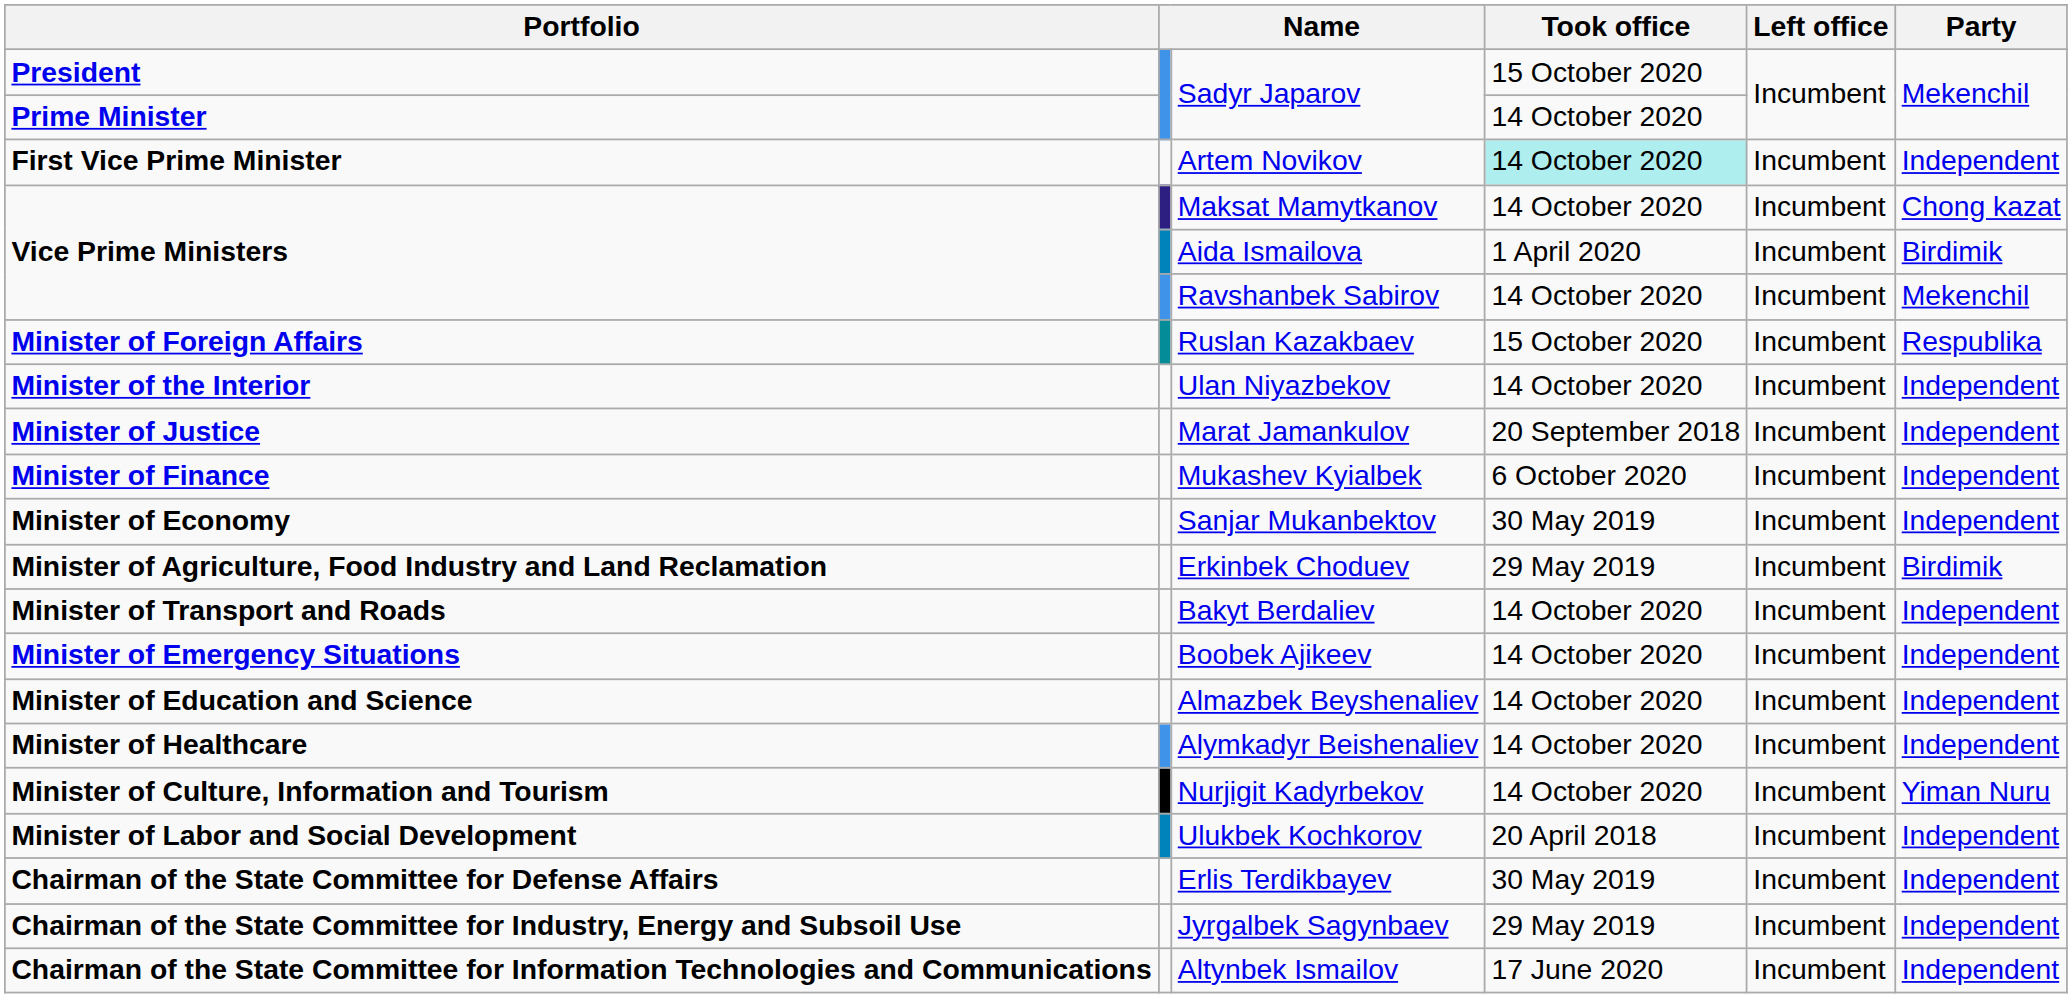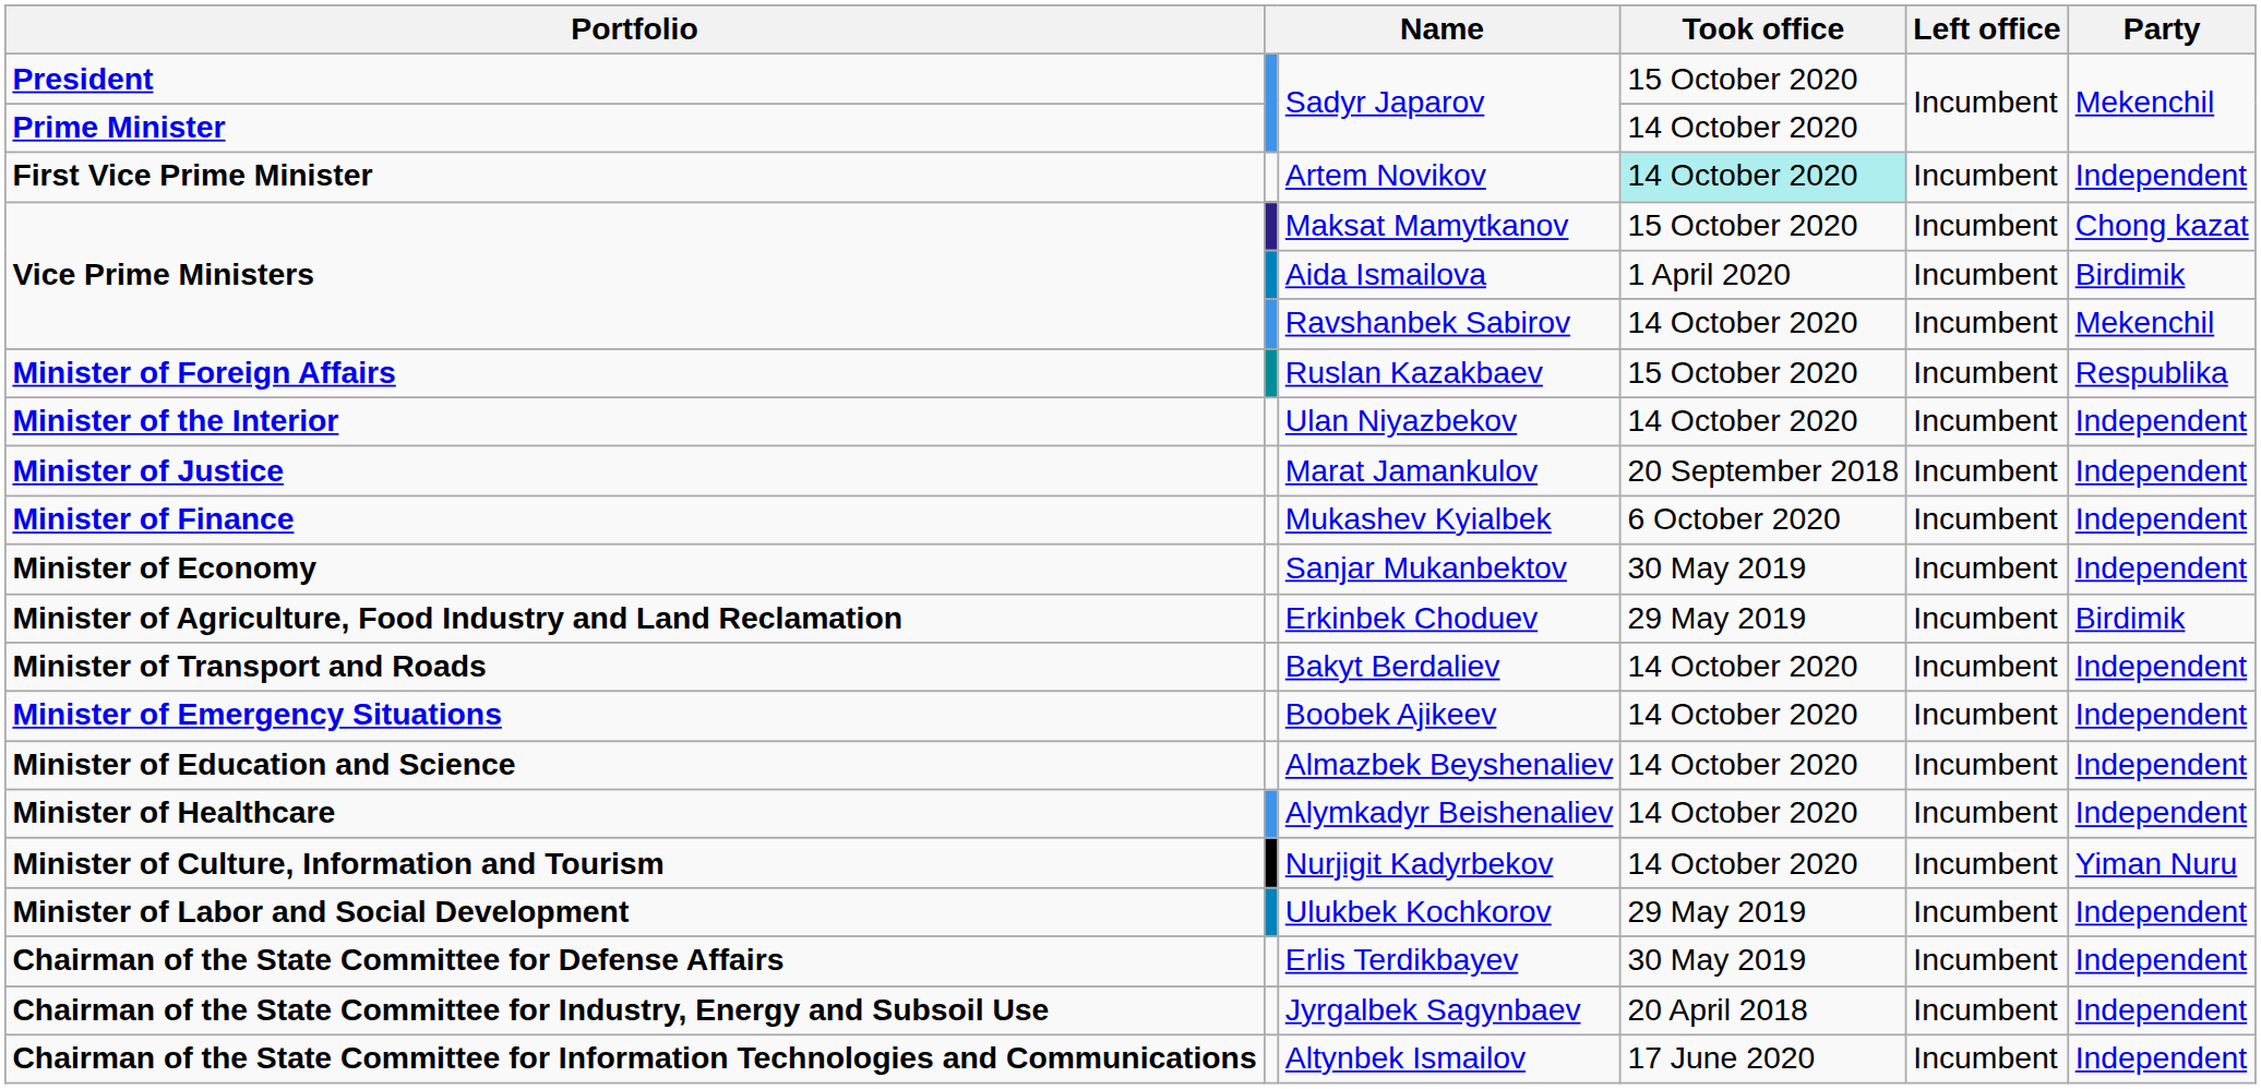 <table class="wikitable">
 <tr>
 <th>Portfolio</th>
 <th colspan="2">Name</th>
 <th>Took office</th>
 <th>Left office</th>
 <th>Party</th>
 </tr>
 <tr>
 <td><a href='#'><strong>President</strong></a></td>
 <td rowspan="2" style="background:#3F93E9;"></td>
 <td rowspan="2" valign="center"><a href='#'>Sadyr Japarov</a></td>
 <td>15 October 2020</td>
 <td rowspan="2">Incumbent</td>
 <td rowspan="2"><a href='#'>Mekenchil</a></td>
 </tr>
 <tr>
 <td><a href='#'><strong>Prime Minister</strong></a></td>
 <td>14 October 2020</td>
 </tr>
 <tr>
 <td><strong>First Vice Prime Minister</strong></td>
 <td style="background:"></td>
 <td valign="center"><a href='#'>Artem Novikov</a></td>
 <td style="background: paleturquoise;">14 October 2020</td>
 <td>Incumbent</td>
 <td><a href='#'>Independent</a></td>
 </tr>
 <tr>
 <td rowspan="3"><strong>Vice Prime Ministers</strong></td>
 <td style="background-color:#2D1F81;"></td>
 <td><a href='#'>Maksat Mamytkanov</a></td>
-<td>14 October 2020</td>
+<td>15 October 2020</td>
 <td>Incumbent</td>
 <td><a href='#'>Chong kazat</a></td>
 </tr>
 <tr>
 <td style="background-color:#0083BA;"></td>
 <td valign="center"><a href='#'>Aida Ismailova</a></td>
 <td>1 April 2020</td>
 <td>Incumbent</td>
 <td><a href='#'>Birdimik</a></td>
 </tr>
 <tr>
 <td style="background-color:#3F93E9;"></td>
 <td><a href='#'>Ravshanbek Sabirov</a></td>
 <td>14 October 2020</td>
 <td>Incumbent</td>
 <td><a href='#'>Mekenchil</a></td>
 </tr>
 <tr>
 <td><a href='#'><strong>Minister of Foreign Affairs</strong></a></td>
 <td style="background-color:#048C98;"></td>
 <td><a href='#'>Ruslan Kazakbaev</a></td>
 <td>15 October 2020</td>
 <td>Incumbent</td>
 <td><a href='#'>Respublika</a></td>
 </tr>
 <tr>
 <td><a href='#'><strong>Minister of the Interior</strong></a></td>
 <td style="background:"></td>
 <td><a href='#'>Ulan Niyazbekov</a></td>
 <td>14 October 2020</td>
 <td>Incumbent</td>
 <td><a href='#'>Independent</a></td>
 </tr>
 <tr>
 <td><a href='#'><strong>Minister of Justice</strong></a></td>
 <td style="background:"></td>
 <td valign="center"><a href='#'>Marat Jamankulov</a></td>
 <td>20 September 2018</td>
 <td>Incumbent</td>
 <td><a href='#'>Independent</a></td>
 </tr>
 <tr>
 <td><a href='#'><strong>Minister of Finance</strong></a></td>
 <td style="background:"></td>
 <td><a href='#'>Mukashev Kyialbek</a></td>
 <td>6 October 2020</td>
 <td>Incumbent</td>
 <td><a href='#'>Independent</a></td>
 </tr>
 <tr>
 <td><strong>Minister of Economy</strong></td>
 <td style="background:"></td>
 <td><a href='#'>Sanjar Mukanbektov</a></td>
 <td>30 May 2019</td>
 <td>Incumbent</td>
 <td><a href='#'>Independent</a></td>
 </tr>
 <tr>
 <td><strong>Minister of Agriculture, Food Industry and Land Reclamation</strong></td>
 <td style="background:"></td>
 <td><a href='#'>Erkinbek Choduev</a></td>
 <td>29 May 2019</td>
 <td>Incumbent</td>
 <td><a href='#'>Birdimik</a></td>
 </tr>
 <tr>
 <td><strong>Minister of Transport and Roads</strong></td>
 <td style="background:"></td>
 <td><a href='#'>Bakyt Berdaliev</a></td>
 <td>14 October 2020</td>
 <td>Incumbent</td>
 <td><a href='#'>Independent</a></td>
 </tr>
 <tr>
 <td><a href='#'><strong>Minister of Emergency Situations</strong></a></td>
 <td style="background:"></td>
 <td><a href='#'>Boobek Ajikeev</a></td>
 <td>14 October 2020</td>
 <td>Incumbent</td>
 <td><a href='#'>Independent</a></td>
 </tr>
 <tr>
 <td><strong>Minister of Education and Science</strong></td>
 <td style="background:"></td>
 <td><a href='#'>Almazbek Beyshenaliev</a></td>
 <td>14 October 2020</td>
 <td>Incumbent</td>
 <td><a href='#'>Independent</a></td>
 </tr>
 <tr>
 <td><strong>Minister of Healthcare</strong></td>
 <td style="background-color:#3F93E9;"></td>
 <td><a href='#'>Alymkadyr Beishenaliev</a></td>
 <td>14 October 2020</td>
 <td>Incumbent</td>
 <td><a href='#'>Independent</a></td>
 </tr>
 <tr>
 <td><strong>Minister of Culture, Information and Tourism</strong></td>
 <td style="background-color:#000000;"></td>
 <td><a href='#'>Nurjigit Kadyrbekov</a></td>
 <td>14 October 2020</td>
 <td>Incumbent</td>
 <td><a href='#'>Yiman Nuru</a></td>
 </tr>
 <tr>
 <td><strong>Minister of Labor and Social Development</strong></td>
 <td style="background-color:#0083BA;"></td>
 <td><a href='#'>Ulukbek Kochkorov</a></td>
-<td>20 April 2018</td>
+<td>29 May 2019</td>
 <td>Incumbent</td>
 <td><a href='#'>Independent</a></td>
 </tr>
 <tr>
 <td><strong>Chairman of the State Committee for Defense Affairs</strong></td>
 <td style="background:"></td>
 <td><a href='#'>Erlis Terdikbayev</a></td>
 <td>30 May 2019</td>
 <td>Incumbent</td>
 <td><a href='#'>Independent</a></td>
 </tr>
 <tr>
 <td><strong>Chairman of the State Committee for Industry, Energy and Subsoil Use</strong></td>
 <td style="background:"></td>
 <td><a href='#'>Jyrgalbek Sagynbaev</a></td>
-<td>29 May 2019</td>
+<td>20 April 2018</td>
 <td>Incumbent</td>
 <td><a href='#'>Independent</a></td>
 </tr>
 <tr>
 <td><strong>Chairman of the State Committee for Information Technologies and Communications</strong></td>
 <td style="background:"></td>
 <td><a href='#'>Altynbek Ismailov</a></td>
 <td>17 June 2020</td>
 <td>Incumbent</td>
 <td><a href='#'>Independent</a></td>
 </tr>
 </table>
